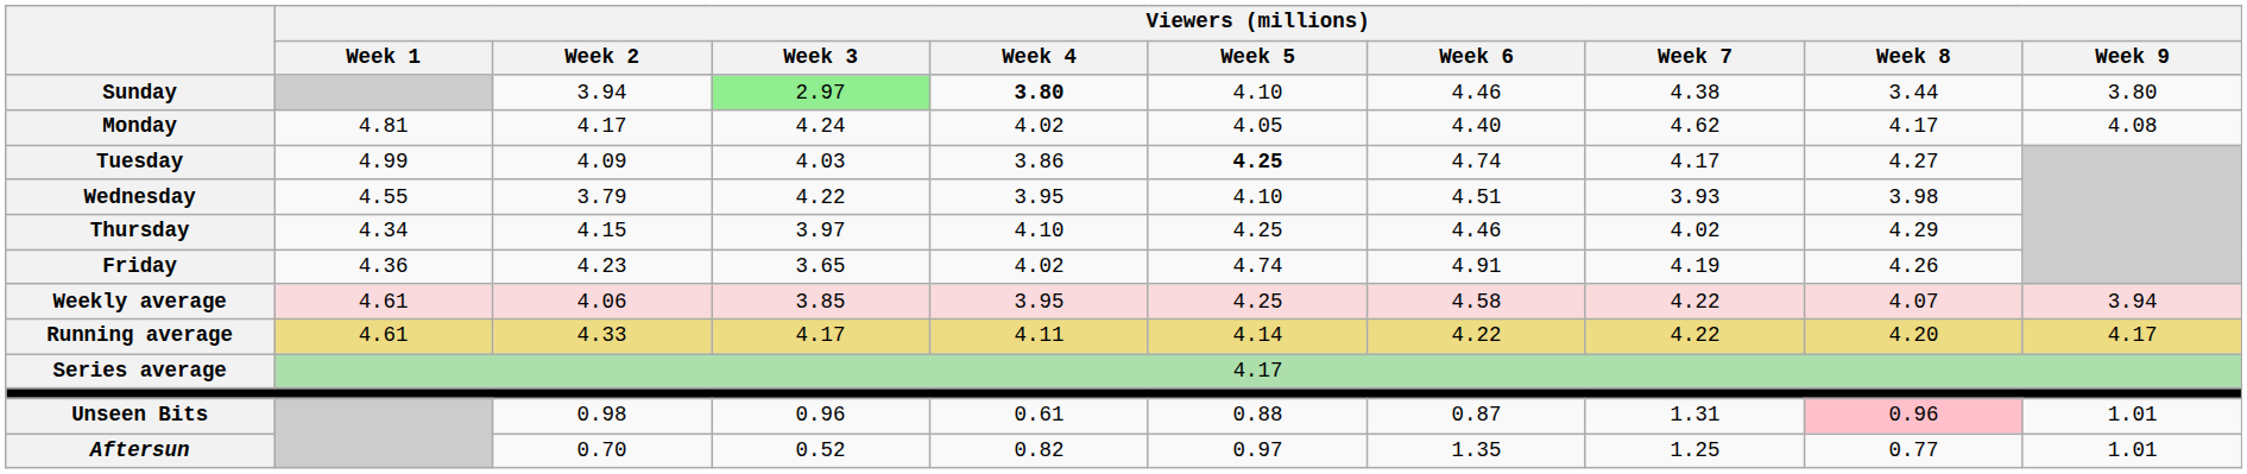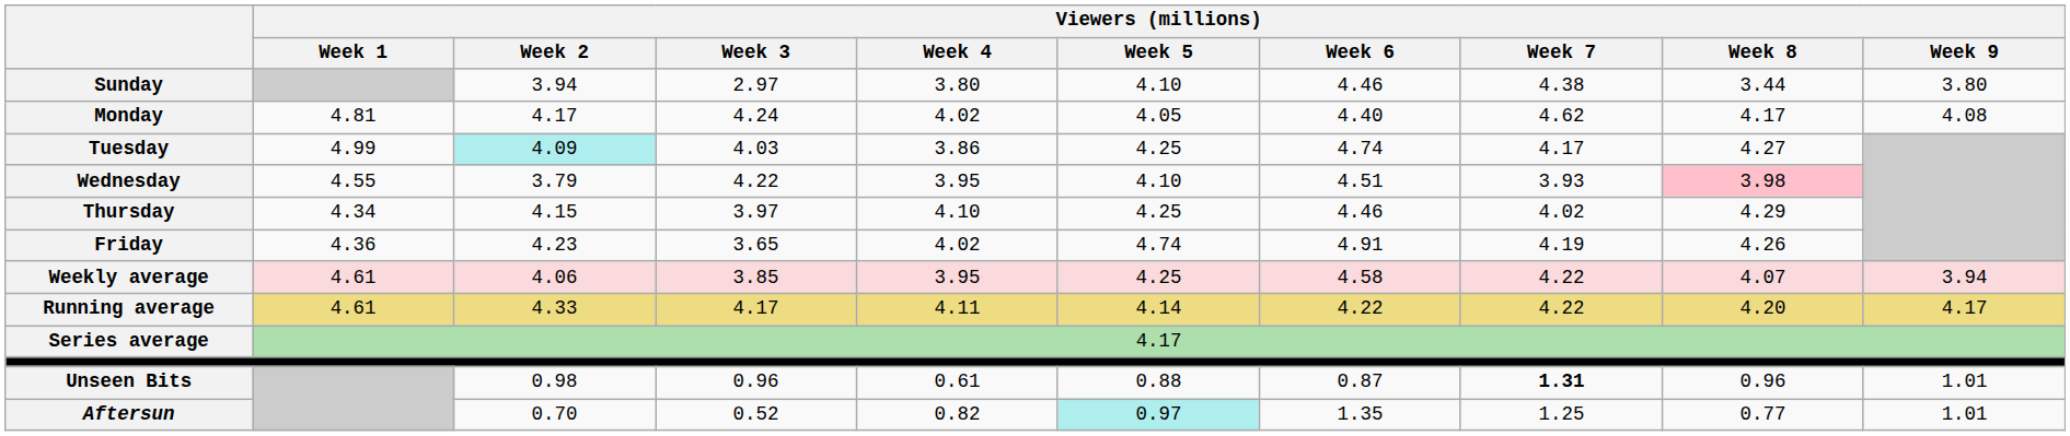 <table class="wikitable" style="font-size:90%; text-align:center; width: 100%; margin-left: auto; margin-right: auto;">
 <tr>
 <th scope="col" rowspan="2" style="width:12%;"></th>
 <th scope=col colspan=13>Viewers (millions)</th>
 </tr>
 <tr>
 <th>Week 1</th>
 <th>Week 2</th>
 <th>Week 3</th>
 <th>Week 4</th>
 <th>Week 5</th>
 <th>Week 6</th>
 <th>Week 7</th>
 <th>Week 8</th>
 <th>Week 9</th>
 </tr>
 <tr>
 <th>Sunday</th>
 <td bgcolor="#CCCCCC"></td>
 <td>3.94</td>
-<td style="background: lightgreen;">2.97</td>
-<td><strong>3.80</strong></td>
+<td>2.97</td>
+<td>3.80</td>
 <td>4.10</td>
 <td>4.46</td>
 <td>4.38</td>
 <td>3.44</td>
 <td>3.80</td>
 </tr>
 <tr>
 <th>Monday</th>
 <td>4.81</td>
 <td>4.17</td>
 <td>4.24</td>
 <td>4.02</td>
 <td>4.05</td>
 <td>4.40</td>
 <td>4.62</td>
 <td>4.17</td>
 <td>4.08</td>
 </tr>
 <tr>
 <th>Tuesday</th>
 <td>4.99</td>
-<td>4.09</td>
+<td style="background: paleturquoise;">4.09</td>
 <td>4.03</td>
 <td>3.86</td>
-<td><strong>4.25</strong></td>
+<td>4.25</td>
 <td>4.74</td>
 <td>4.17</td>
 <td>4.27</td>
 <td bgcolor="#CCCCCC" rowspan=4></td>
 </tr>
 <tr>
 <th>Wednesday</th>
 <td>4.55</td>
 <td>3.79</td>
 <td>4.22</td>
 <td>3.95</td>
 <td>4.10</td>
 <td>4.51</td>
 <td>3.93</td>
-<td>3.98</td>
+<td style="background: pink;">3.98</td>
 </tr>
 <tr>
 <th>Thursday</th>
 <td>4.34</td>
 <td>4.15</td>
 <td>3.97</td>
 <td>4.10</td>
 <td>4.25</td>
 <td>4.46</td>
 <td>4.02</td>
 <td>4.29</td>
 </tr>
 <tr>
 <th>Friday</th>
 <td>4.36</td>
 <td>4.23</td>
 <td>3.65</td>
 <td>4.02</td>
 <td>4.74</td>
 <td>4.91</td>
 <td>4.19</td>
 <td>4.26</td>
 </tr>
 <tr>
 <th>Weekly average</th>
 <td style="background:#FADADD;">4.61</td>
 <td style="background:#FADADD;">4.06</td>
 <td style="background:#FADADD;">3.85</td>
 <td style="background:#FADADD;">3.95</td>
 <td style="background:#FADADD;">4.25</td>
 <td style="background:#FADADD;">4.58</td>
 <td style="background:#FADADD;">4.22</td>
 <td style="background:#FADADD;">4.07</td>
 <td style="background:#FADADD;">3.94</td>
 </tr>
 <tr>
 <th>Running average</th>
 <td style="background:#EEDC82;">4.61</td>
 <td style="background:#EEDC82;">4.33</td>
 <td style="background:#EEDC82;">4.17</td>
 <td style="background:#EEDC82;">4.11</td>
 <td style="background:#EEDC82;">4.14</td>
 <td style="background:#EEDC82;">4.22</td>
 <td style="background:#EEDC82;">4.22</td>
 <td style="background:#EEDC82;">4.20</td>
 <td style="background:#EEDC82;">4.17</td>
 </tr>
 <tr>
 <th>Series average</th>
 <td colspan="9" style="background:#ADDFAD;">4.17</td>
 </tr>
 <tr>
 <th colspan="10" style="background:#000"></th>
 </tr>
 <tr>
 <th>Unseen Bits</th>
 <td rowspan="2" style="background:#ccc;"></td>
 <td>0.98</td>
 <td>0.96</td>
 <td>0.61</td>
 <td>0.88</td>
 <td>0.87</td>
-<td>1.31</td>
-<td style="background: pink;">0.96</td>
+<td><strong>1.31</strong></td>
+<td>0.96</td>
 <td>1.01</td>
 </tr>
 <tr>
 <th><em>Aftersun</em></th>
 <td>0.70</td>
 <td>0.52</td>
 <td>0.82</td>
-<td>0.97</td>
+<td style="background: paleturquoise;">0.97</td>
 <td>1.35</td>
 <td>1.25</td>
 <td>0.77</td>
 <td>1.01</td>
 </tr>
 </table>
